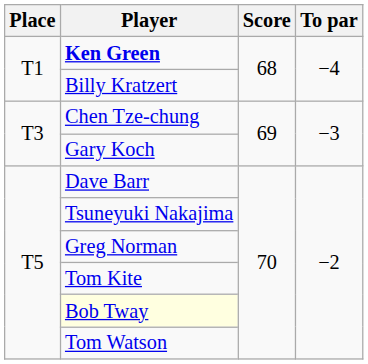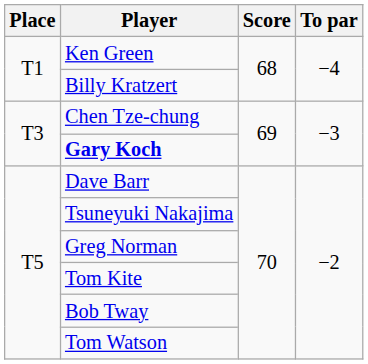 <table class="wikitable">
 <tr>
 <th>Place</th>
 <th>Player</th>
 <th>Score</th>
 <th>To par</th>
 </tr>
 <tr>
 <td rowspan="2" style="text-align:center;">T1</td>
-<td><strong> <a href='#'>Ken Green</a></strong></td>
+<td> <a href='#'>Ken Green</a></td>
 <td rowspan="2" style="text-align:center;">68</td>
 <td rowspan="2" style="text-align:center;">−4</td>
 </tr>
 <tr>
 <td> <a href='#'>Billy Kratzert</a></td>
 </tr>
 <tr>
 <td rowspan="2" style="text-align:center;">T3</td>
 <td> <a href='#'>Chen Tze-chung</a></td>
 <td rowspan="2" style="text-align:center;">69</td>
 <td rowspan="2" style="text-align:center;">−3</td>
 </tr>
 <tr>
-<td> <a href='#'>Gary Koch</a></td>
+<td><strong> <a href='#'>Gary Koch</a></strong></td>
 </tr>
 <tr>
 <td rowspan="6" style="text-align:center;">T5</td>
 <td> <a href='#'>Dave Barr</a></td>
 <td rowspan="6" style="text-align:center;">70</td>
 <td rowspan="6" style="text-align:center;">−2</td>
 </tr>
 <tr>
 <td> <a href='#'>Tsuneyuki Nakajima</a></td>
 </tr>
 <tr>
 <td> <a href='#'>Greg Norman</a></td>
 </tr>
 <tr>
 <td> <a href='#'>Tom Kite</a></td>
 </tr>
 <tr>
-<td style="background: lightyellow;"> <a href='#'>Bob Tway</a></td>
+<td> <a href='#'>Bob Tway</a></td>
 </tr>
 <tr>
 <td> <a href='#'>Tom Watson</a></td>
 </tr>
 </table>
